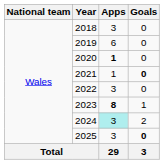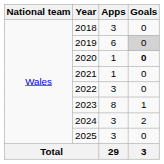 <table class="wikitable" style="text-align:center">
 <tr>
 <th>National team</th>
 <th>Year</th>
 <th>Apps</th>
 <th>Goals</th>
 </tr>
 <tr>
 <td rowspan="8"><a href='#'>Wales</a></td>
 <td>2018</td>
 <td>3</td>
 <td>0</td>
 </tr>
 <tr>
 <td>2019</td>
 <td>6</td>
-<td>0</td>
+<td style="background: lightgrey;">0</td>
 </tr>
 <tr>
 <td>2020</td>
-<td><strong>1</strong></td>
-<td>0</td>
+<td>1</td>
+<td><strong>0</strong></td>
 </tr>
 <tr>
 <td>2021</td>
 <td>1</td>
-<td><strong>0</strong></td>
+<td>0</td>
 </tr>
 <tr>
 <td>2022</td>
 <td>3</td>
 <td>0</td>
 </tr>
 <tr>
 <td>2023</td>
-<td><strong>8</strong></td>
+<td>8</td>
 <td>1</td>
 </tr>
 <tr>
 <td>2024</td>
-<td style="background: paleturquoise;">3</td>
+<td>3</td>
 <td>2</td>
 </tr>
 <tr>
 <td>2025</td>
 <td>3</td>
-<td><strong>0</strong></td>
+<td>0</td>
 </tr>
 <tr>
 <th colspan="2">Total</th>
 <th>29</th>
 <th>3</th>
 </tr>
 </table>
